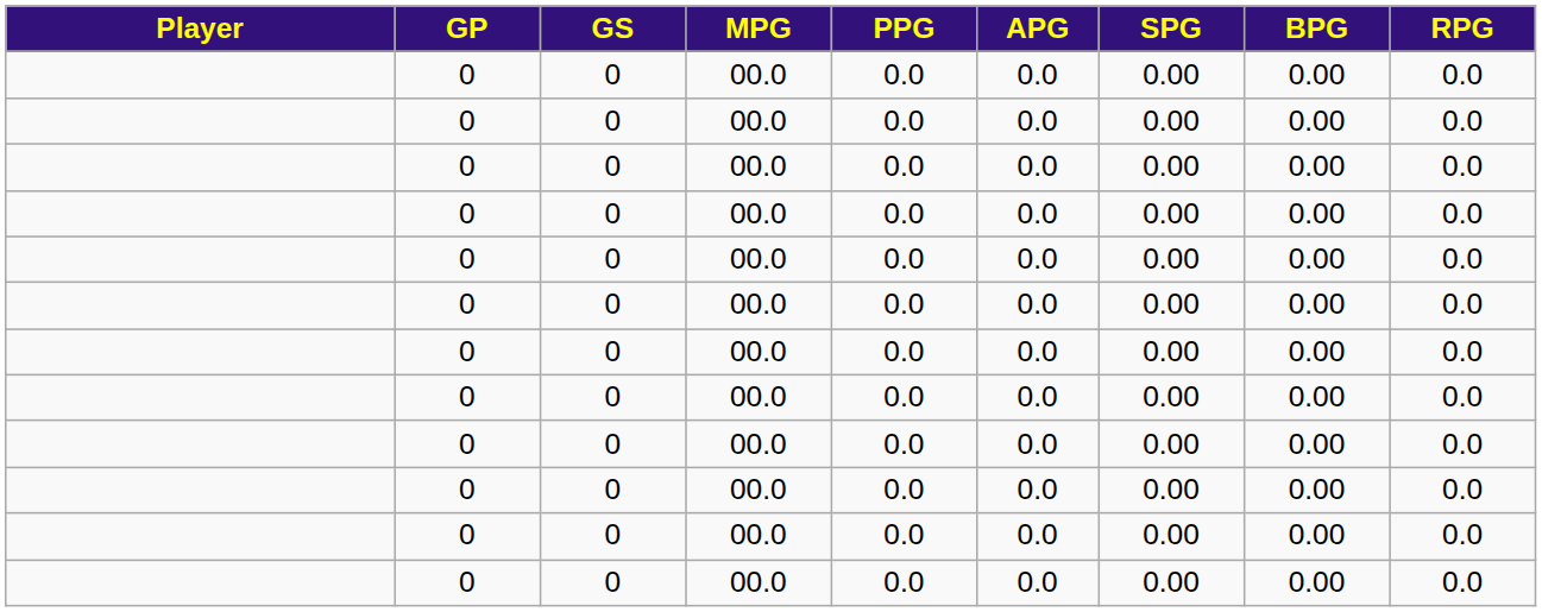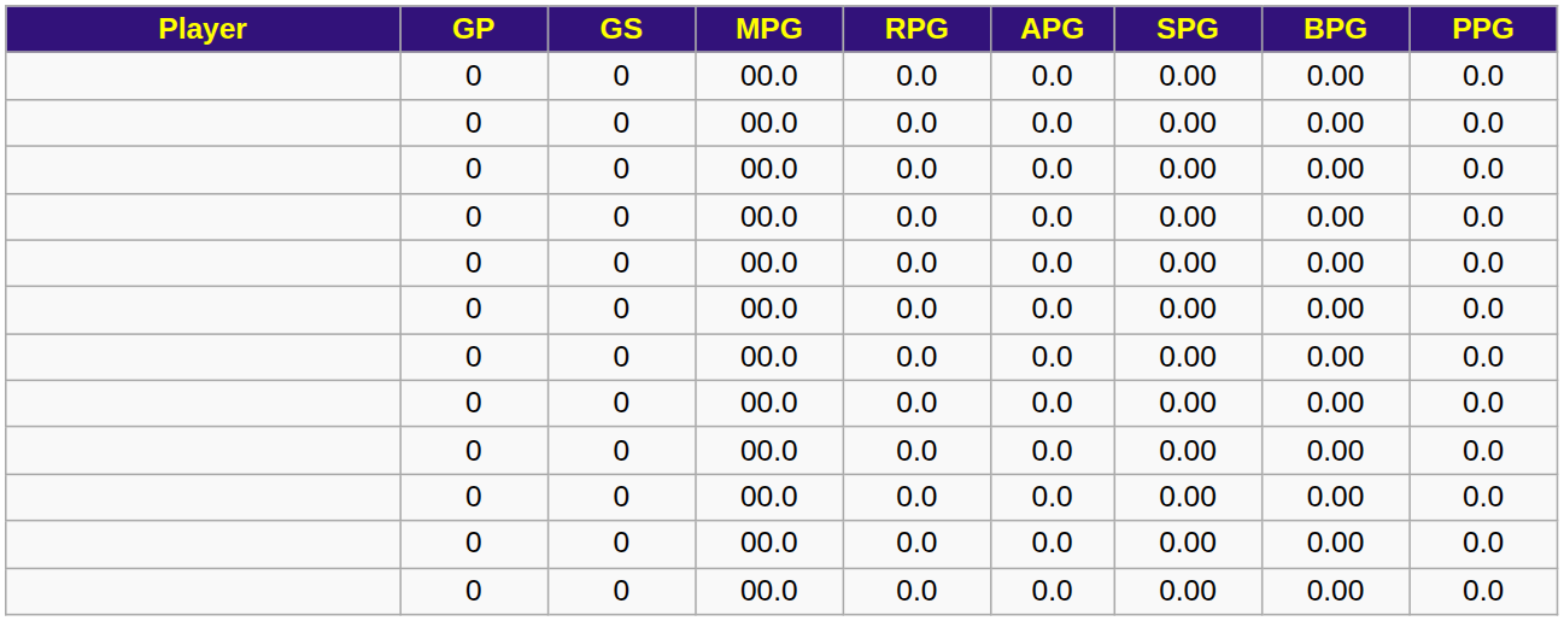 <table class="wikitable sortable" style="text-align:center;">
 <tr>
 <th style="background:#32127A;color:#FFFF00;" width="16%">Player</th>
 <th style="background:#32127A;color:#FFFF00;" width="6%">GP</th>
 <th style="background:#32127A;color:#FFFF00;" width="6%">GS</th>
 <th style="background:#32127A;color:#FFFF00;" width="6%">MPG</th>
-<th style="background:#32127A;color:#FFFF00;" width="6%">PPG</th>
+<th style="background:#32127A;color:#FFFF00;" width="6%">RPG</th>
 <th style="background:#32127A;color:#FFFF00;" width="5%">APG</th>
 <th style="background:#32127A;color:#FFFF00;" width="6%">SPG</th>
 <th style="background:#32127A;color:#FFFF00;" width="6%">BPG</th>
-<th style="background:#32127A;color:#FFFF00;" width="6%">RPG</th>
+<th style="background:#32127A;color:#FFFF00;" width="6%">PPG</th>
 </tr>
 <tr>
 <td></td>
 <td>0</td>
 <td>0</td>
 <td>00.0</td>
 <td>0.0</td>
 <td>0.0</td>
 <td>0.00</td>
 <td>0.00</td>
 <td>0.0</td>
 </tr>
 <tr>
 <td></td>
 <td>0</td>
 <td>0</td>
 <td>00.0</td>
 <td>0.0</td>
 <td>0.0</td>
 <td>0.00</td>
 <td>0.00</td>
 <td>0.0</td>
 </tr>
 <tr>
 <td></td>
 <td>0</td>
 <td>0</td>
 <td>00.0</td>
 <td>0.0</td>
 <td>0.0</td>
 <td>0.00</td>
 <td>0.00</td>
 <td>0.0</td>
 </tr>
 <tr>
 <td></td>
 <td>0</td>
 <td>0</td>
 <td>00.0</td>
 <td>0.0</td>
 <td>0.0</td>
 <td>0.00</td>
 <td>0.00</td>
 <td>0.0</td>
 </tr>
 <tr>
 <td></td>
 <td>0</td>
 <td>0</td>
 <td>00.0</td>
 <td>0.0</td>
 <td>0.0</td>
 <td>0.00</td>
 <td>0.00</td>
 <td>0.0</td>
 </tr>
 <tr>
 <td></td>
 <td>0</td>
 <td>0</td>
 <td>00.0</td>
 <td>0.0</td>
 <td>0.0</td>
 <td>0.00</td>
 <td>0.00</td>
 <td>0.0</td>
 </tr>
 <tr>
 <td></td>
 <td>0</td>
 <td>0</td>
 <td>00.0</td>
 <td>0.0</td>
 <td>0.0</td>
 <td>0.00</td>
 <td>0.00</td>
 <td>0.0</td>
 </tr>
 <tr>
 <td></td>
 <td>0</td>
 <td>0</td>
 <td>00.0</td>
 <td>0.0</td>
 <td>0.0</td>
 <td>0.00</td>
 <td>0.00</td>
 <td>0.0</td>
 </tr>
 <tr>
 <td></td>
 <td>0</td>
 <td>0</td>
 <td>00.0</td>
 <td>0.0</td>
 <td>0.0</td>
 <td>0.00</td>
 <td>0.00</td>
 <td>0.0</td>
 </tr>
 <tr>
 <td></td>
 <td>0</td>
 <td>0</td>
 <td>00.0</td>
 <td>0.0</td>
 <td>0.0</td>
 <td>0.00</td>
 <td>0.00</td>
 <td>0.0</td>
 </tr>
 <tr>
 <td></td>
 <td>0</td>
 <td>0</td>
 <td>00.0</td>
 <td>0.0</td>
 <td>0.0</td>
 <td>0.00</td>
 <td>0.00</td>
 <td>0.0</td>
 </tr>
 <tr>
 <td></td>
 <td>0</td>
 <td>0</td>
 <td>00.0</td>
 <td>0.0</td>
 <td>0.0</td>
 <td>0.00</td>
 <td>0.00</td>
 <td>0.0</td>
 </tr>
 </table>
